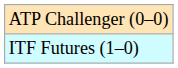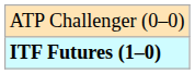 <table class=wikitable style=font-size:97%>
 <tr bgcolor=moccasin>
 <td>ATP Challenger (0–0)</td>
 </tr>
 <tr bgcolor=cffcff>
-<td>ITF Futures (1–0)</td>
+<td><strong>ITF Futures (1–0)</strong></td>
 </tr>
 </table>
